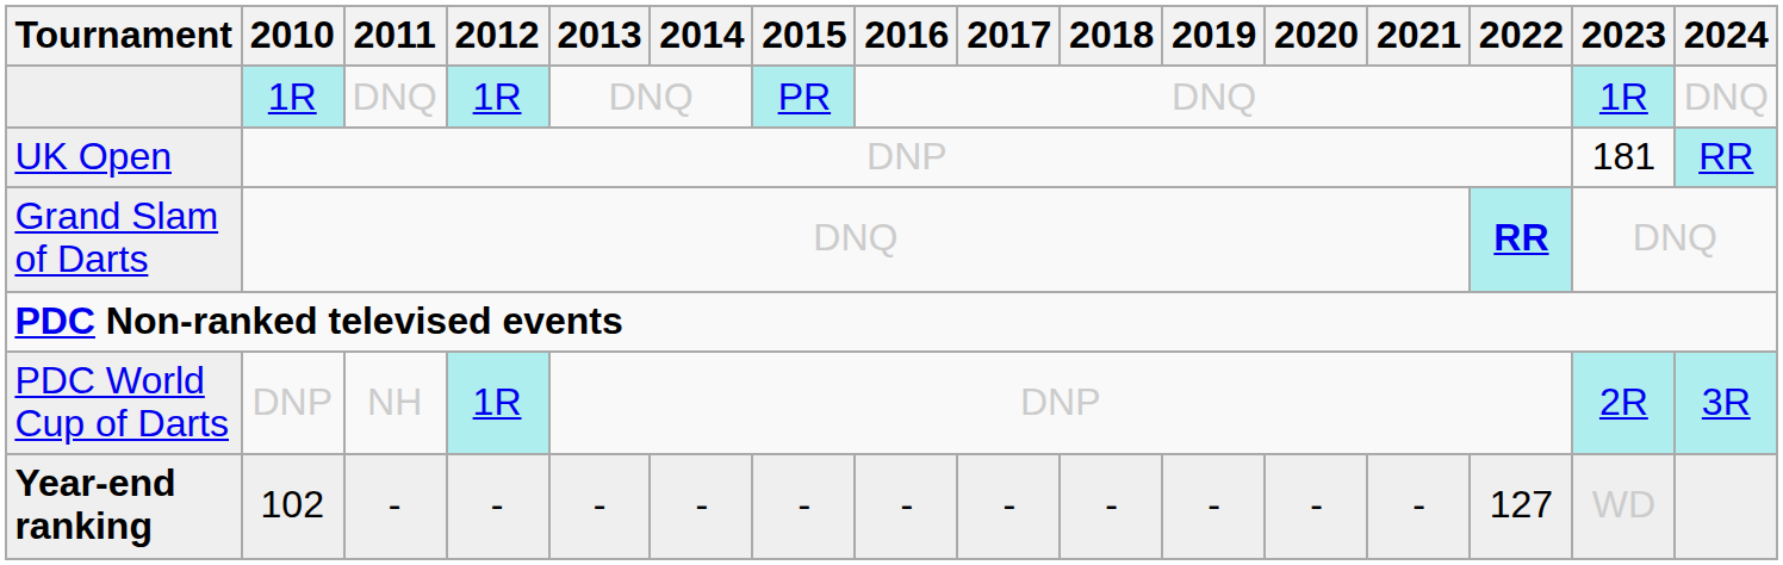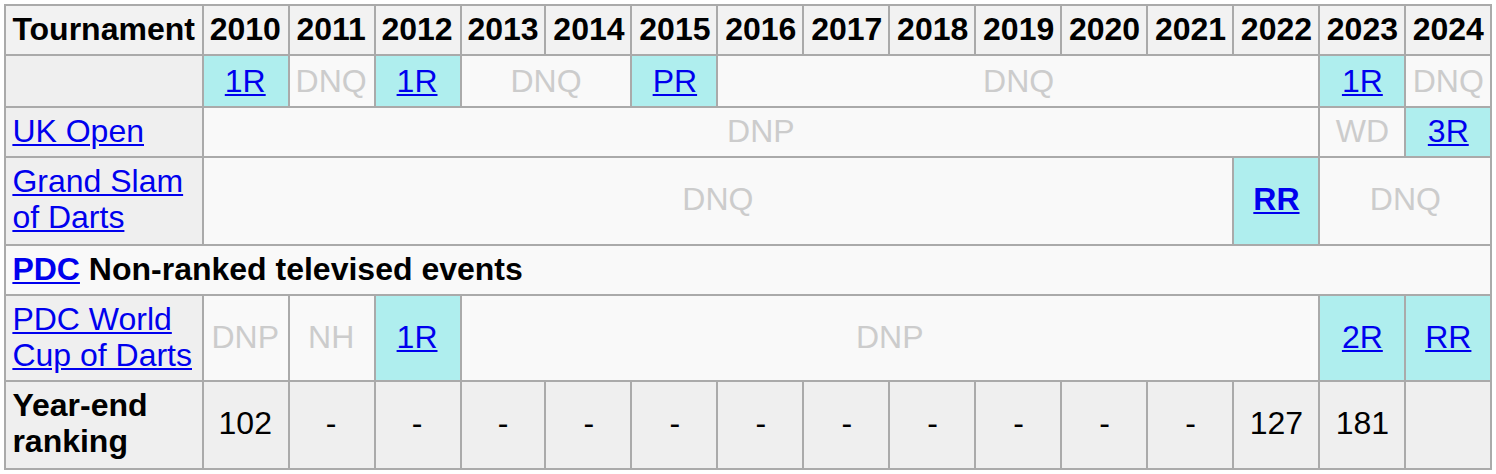 <table class="wikitable" style="width:20%; margin:0">
 <tr>
 <th>Tournament</th>
 <th>2010</th>
 <th>2011</th>
 <th>2012</th>
 <th>2013</th>
 <th>2014</th>
 <th>2015</th>
 <th>2016</th>
 <th>2017</th>
 <th>2018</th>
 <th>2019</th>
 <th>2020</th>
 <th>2021</th>
 <th>2022</th>
 <th>2023</th>
 <th>2024</th>
 </tr>
 <tr>
 <td style="background:#efefef;"></td>
 <td style="text-align:center; background:#afeeee;"><a href='#'>1R</a></td>
 <td colspan="1" style="text-align:center; color:#ccc;">DNQ</td>
 <td style="text-align:center; background:#afeeee;"><a href='#'>1R</a></td>
 <td colspan="2" style="text-align:center; color:#ccc;">DNQ</td>
 <td style="text-align:center; background:#afeeee;"><a href='#'>PR</a></td>
 <td colspan="7" style="text-align:center; color:#ccc;">DNQ</td>
 <td style="text-align:center; background:#afeeee;"><a href='#'>1R</a></td>
 <td colspan="1" style="text-align:center; color:#ccc;">DNQ</td>
 </tr>
 <tr>
 <td style="background:#efefef;"><a href='#'>UK Open</a></td>
 <td colspan="13" style="text-align:center; color:#ccc;">DNP</td>
-<td style="text-align:center;">181</td>
-<td style="text-align:center; background:#afeeee;"><a href='#'>RR</a></td>
+<td colspan="1" style="text-align:center; color:#ccc;">WD</td>
+<td style="text-align:center; background:#afeeee;"><a href='#'>3R</a></td>
 </tr>
 <tr>
 <td style="background:#efefef;"><a href='#'>Grand Slam of Darts</a></td>
 <td colspan="12" style="text-align:center; color:#ccc;">DNQ</td>
 <td style="text-align:center; background:#afeeee;"><strong><a href='#'>RR</a></strong></td>
 <td colspan="2" style="text-align:center; color:#ccc;">DNQ</td>
 </tr>
 <tr>
 <td colspan="33" align="left"><strong><a href='#'>PDC</a> Non-ranked televised events</strong></td>
 </tr>
 <tr>
 <td style="background:#efefef;"><a href='#'>PDC World Cup of Darts</a></td>
 <td colspan="1" style="text-align:center; color:#ccc;">DNP</td>
 <td colspan="1" style="text-align:center; color:#ccc;">NH</td>
 <td style="text-align:center; background:#afeeee;"><a href='#'>1R</a></td>
 <td colspan="10" style="text-align:center; color:#ccc;">DNP</td>
 <td style="text-align:center; background:#afeeee;"><a href='#'>2R</a></td>
-<td style="text-align:center; background:#afeeee;"><a href='#'>3R</a></td>
+<td style="text-align:center; background:#afeeee;"><a href='#'>RR</a></td>
 </tr>
 <tr>
 </tr>
 <tr bgcolor="efefef">
 <td align="left"><strong>Year-end ranking</strong></td>
 <td style="text-align:center;">102</td>
 <td style="text-align:center;">-</td>
 <td style="text-align:center;">-</td>
 <td style="text-align:center;">-</td>
 <td style="text-align:center;">-</td>
 <td style="text-align:center;">-</td>
 <td style="text-align:center;">-</td>
 <td style="text-align:center;">-</td>
 <td style="text-align:center;">-</td>
 <td style="text-align:center;">-</td>
 <td style="text-align:center;">-</td>
 <td style="text-align:center;">-</td>
 <td style="text-align:center;">127</td>
-<td colspan="1" style="text-align:center; color:#ccc;">WD</td>
+<td style="text-align:center;">181</td>
 <td style="text-align:center;"></td>
 </tr>
 </table>
